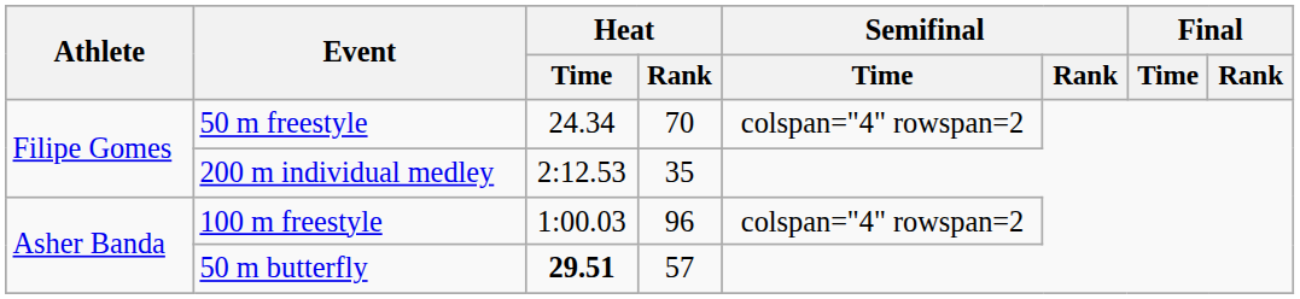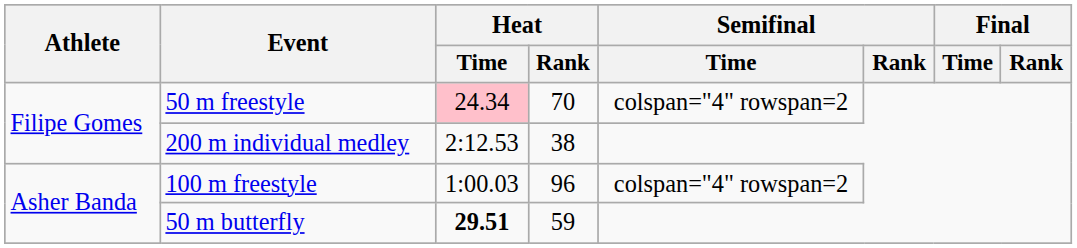 <table class="wikitable" style="text-align:center; font-size:90%; width:50%;">
 <tr>
 <th rowspan="2">Athlete</th>
 <th rowspan="2">Event</th>
 <th colspan="2">Heat</th>
 <th colspan="2">Semifinal</th>
 <th colspan="2">Final</th>
 </tr>
 <tr style="font-size:95%">
 <th>Time</th>
 <th>Rank</th>
 <th>Time</th>
 <th>Rank</th>
 <th>Time</th>
 <th>Rank</th>
 </tr>
 <tr>
 <td align=left rowspan=2><a href='#'>Filipe Gomes</a></td>
 <td align=left><a href='#'>50 m freestyle</a></td>
-<td>24.34</td>
+<td style="background: pink;">24.34</td>
 <td>70</td>
 <td>colspan="4" rowspan=2</td>
 </tr>
 <tr>
 <td align=left><a href='#'>200 m individual medley</a></td>
 <td>2:12.53</td>
-<td>35</td>
+<td>38</td>
 </tr>
 <tr>
 <td align=left rowspan=2><a href='#'>Asher Banda</a></td>
 <td align=left><a href='#'>100 m freestyle</a></td>
 <td>1:00.03</td>
 <td>96</td>
 <td>colspan="4" rowspan=2</td>
 </tr>
 <tr>
 <td align=left><a href='#'>50 m butterfly</a></td>
 <td><strong>29.51</strong></td>
-<td>57</td>
+<td>59</td>
 </tr>
 </table>
